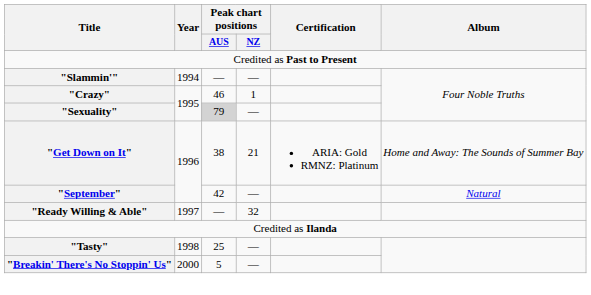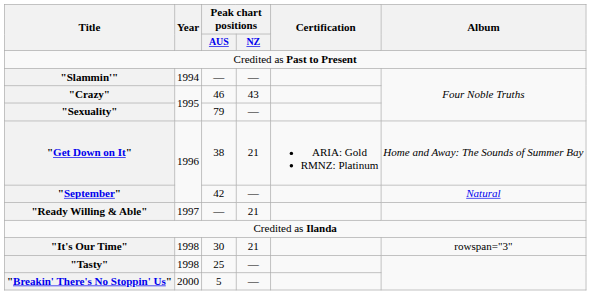 <table class="wikitable plainrowheaders" style="text-align:center;">
 <tr>
 <th scope="col" rowspan="2">Title</th>
 <th scope="col" rowspan="2">Year</th>
 <th scope="col" colspan="2">Peak chart positions</th>
 <th scope="col" rowspan="2">Certification</th>
 <th scope="col" rowspan="2">Album</th>
 </tr>
 <tr>
 <th scope="col" style="width:3em;font-size:90%;"><a href='#'>AUS</a><br></th>
 <th scope="col" style="width:3em;font-size:90%;"><a href='#'>NZ</a><br></th>
 </tr>
 <tr>
 <td colspan=6>Credited as <strong>Past to Present</strong></td>
 </tr>
 <tr>
 <th scope="row">"Slammin'"</th>
 <td>1994</td>
 <td>—</td>
 <td>—</td>
 <td></td>
 <td rowspan="3"><em>Four Noble Truths</em></td>
 </tr>
 <tr>
 <th scope="row">"Crazy"</th>
 <td rowspan="2">1995</td>
 <td>46</td>
-<td>1</td>
+<td>43</td>
 <td></td>
 </tr>
 <tr>
 <th scope="row">"Sexuality"</th>
-<td style="background: lightgrey;">79</td>
+<td>79</td>
 <td>—</td>
 <td></td>
 </tr>
 <tr>
 <th scope="row">"<a href='#'>Get Down on It</a>"<br></th>
 <td rowspan="2">1996</td>
 <td>38</td>
 <td>21</td>
 <td><br><ul><li>ARIA: Gold</li><li>RMNZ: Platinum</li></ul></td>
 <td><em>Home and Away: The Sounds of Summer Bay</em></td>
 </tr>
 <tr>
 <th scope="row">"<a href='#'>September</a>"</th>
 <td>42</td>
 <td>—</td>
 <td></td>
 <td><em><a href='#'>Natural</a></em></td>
 </tr>
 <tr>
 <th scope="row">"Ready Willing & Able"</th>
 <td>1997</td>
 <td>—</td>
-<td>32</td>
+<td>21</td>
 <td></td>
 <td></td>
 </tr>
 <tr>
 <td colspan=6>Credited as <strong>Ilanda</strong></td>
+</tr>
+<tr>
+<th scope="row">"It's Our Time"</th>
+<td>1998</td>
+<td>30</td>
+<td>21</td>
+<td></td>
+<td>rowspan="3" </td>
 </tr>
 <tr>
 <th scope="row">"Tasty"</th>
 <td>1998</td>
 <td>25</td>
 <td>—</td>
 <td></td>
 </tr>
 <tr>
 <th scope="row">"<a href='#'>Breakin' There's No Stoppin' Us</a>"<br></th>
 <td>2000</td>
 <td>5</td>
 <td>—</td>
 <td></td>
 </tr>
 </table>
